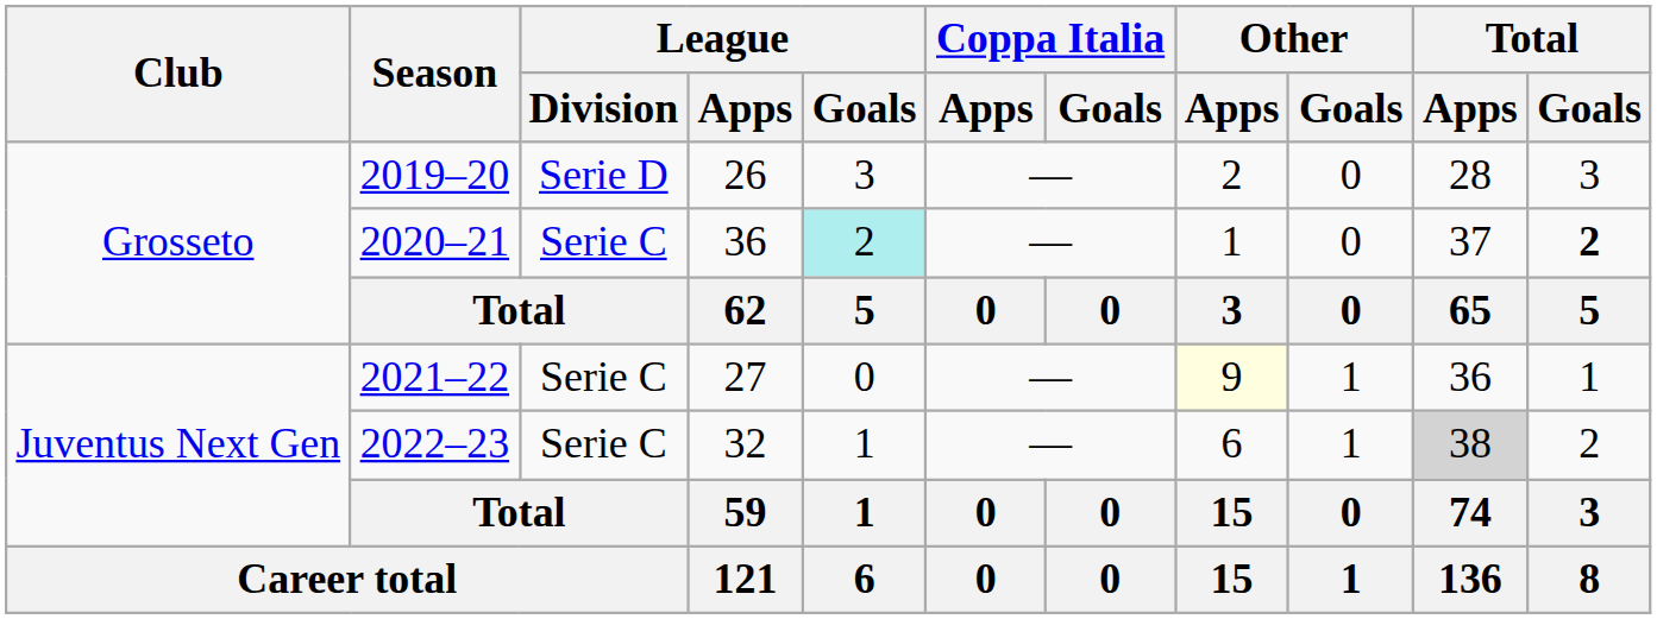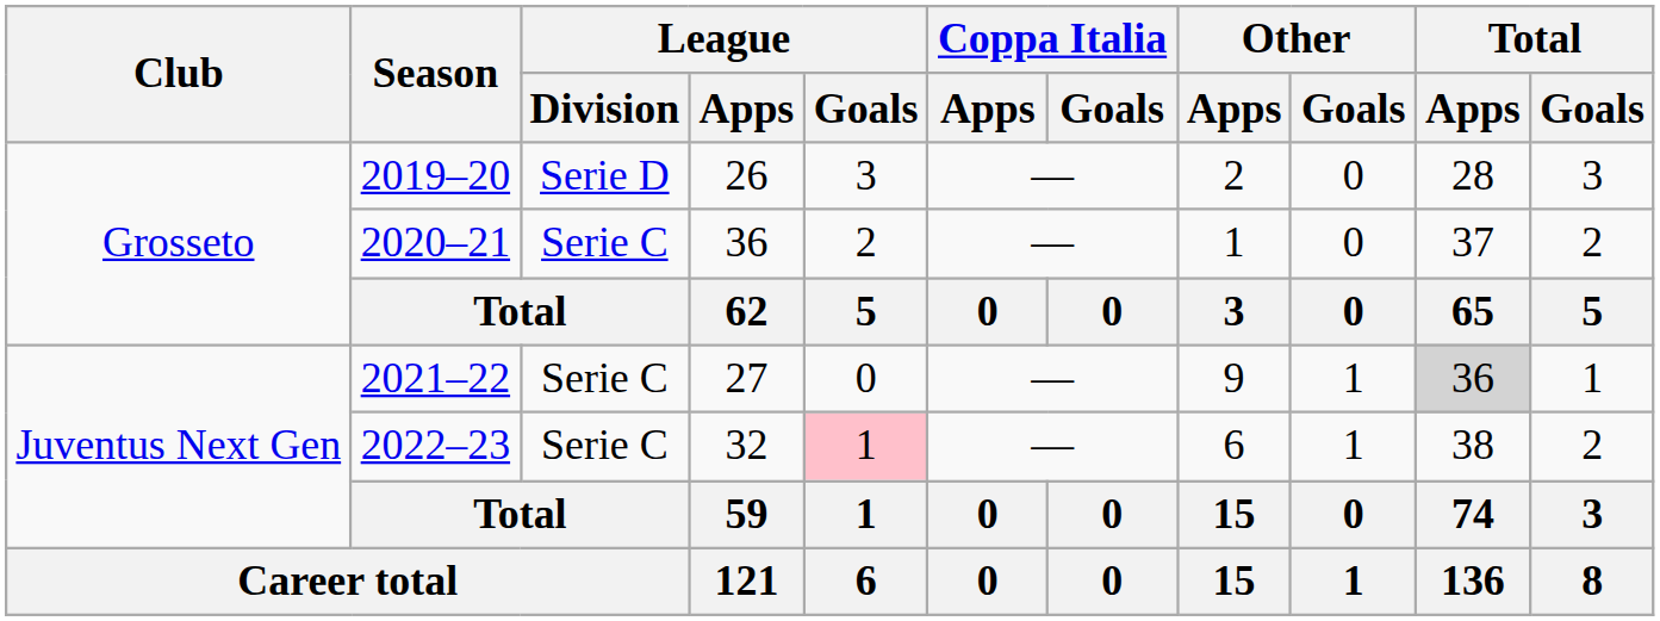 <table class="wikitable" style="text-align:center">
 <tr>
 <th rowspan="2">Club</th>
 <th rowspan="2">Season</th>
 <th colspan="3">League</th>
 <th colspan="2"><a href='#'>Coppa Italia</a></th>
 <th colspan="2">Other</th>
 <th colspan="2">Total</th>
 </tr>
 <tr>
 <th>Division</th>
 <th>Apps</th>
 <th>Goals</th>
 <th>Apps</th>
 <th>Goals</th>
 <th>Apps</th>
 <th>Goals</th>
 <th>Apps</th>
 <th>Goals</th>
 </tr>
 <tr>
 <td rowspan="3"><a href='#'>Grosseto</a></td>
 <td><a href='#'>2019–20</a></td>
 <td><a href='#'>Serie D</a></td>
 <td>26</td>
 <td>3</td>
 <td colspan="2">—</td>
 <td>2</td>
 <td>0</td>
 <td>28</td>
 <td>3</td>
 </tr>
 <tr>
 <td><a href='#'>2020–21</a></td>
 <td><a href='#'>Serie C</a></td>
 <td>36</td>
-<td style="background: paleturquoise;">2</td>
+<td>2</td>
 <td colspan="2">—</td>
 <td>1</td>
 <td>0</td>
 <td>37</td>
-<td><strong>2</strong></td>
+<td>2</td>
 </tr>
 <tr>
 <th colspan="2">Total</th>
 <th>62</th>
 <th>5</th>
 <th>0</th>
 <th>0</th>
 <th>3</th>
 <th>0</th>
 <th>65</th>
 <th>5</th>
 </tr>
 <tr>
 <td rowspan="3"><a href='#'>Juventus Next Gen</a></td>
 <td><a href='#'>2021–22</a></td>
 <td>Serie C</td>
 <td>27</td>
 <td>0</td>
 <td colspan="2">—</td>
-<td style="background: lightyellow;">9</td>
+<td>9</td>
 <td>1</td>
-<td>36</td>
+<td style="background: lightgrey;">36</td>
 <td>1</td>
 </tr>
 <tr>
 <td><a href='#'>2022–23</a></td>
 <td>Serie C</td>
 <td>32</td>
-<td>1</td>
+<td style="background: pink;">1</td>
 <td colspan="2">—</td>
 <td>6</td>
 <td>1</td>
-<td style="background: lightgrey;">38</td>
+<td>38</td>
 <td>2</td>
 </tr>
 <tr>
 <th colspan="2">Total</th>
 <th>59</th>
 <th>1</th>
 <th>0</th>
 <th>0</th>
 <th>15</th>
 <th>0</th>
 <th>74</th>
 <th>3</th>
 </tr>
 <tr>
 <th colspan="3">Career total</th>
 <th>121</th>
 <th>6</th>
 <th>0</th>
 <th>0</th>
 <th>15</th>
 <th>1</th>
 <th>136</th>
 <th>8</th>
 </tr>
 </table>
